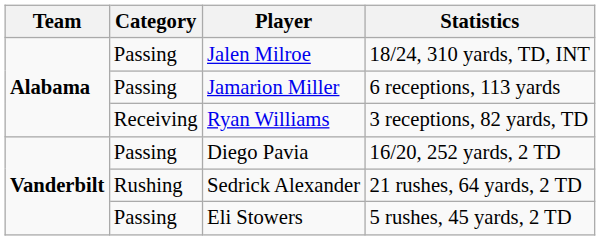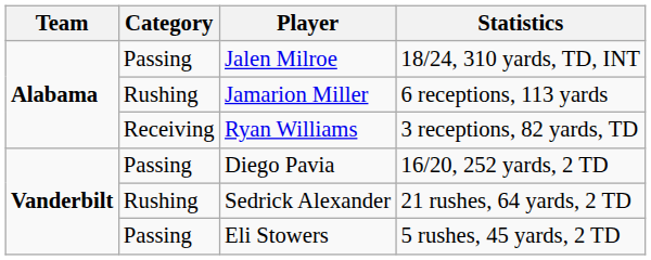 <table class="wikitable" style="float: right;">
 <tr>
 <th>Team</th>
 <th>Category</th>
 <th>Player</th>
 <th>Statistics</th>
 </tr>
 <tr>
 <td rowspan=3><strong>Alabama</strong></td>
 <td>Passing</td>
 <td><a href='#'>Jalen Milroe</a></td>
 <td>18/24, 310 yards, TD, INT</td>
 </tr>
 <tr>
-<td>Passing</td>
+<td>Rushing</td>
 <td><a href='#'>Jamarion Miller</a></td>
 <td>6 receptions, 113 yards</td>
 </tr>
 <tr>
 <td>Receiving</td>
 <td><a href='#'>Ryan Williams</a></td>
 <td>3 receptions, 82 yards, TD</td>
 </tr>
 <tr>
 <td rowspan=3><strong>Vanderbilt</strong></td>
 <td>Passing</td>
 <td>Diego Pavia</td>
 <td>16/20, 252 yards, 2 TD</td>
 </tr>
 <tr>
 <td>Rushing</td>
 <td>Sedrick Alexander</td>
 <td>21 rushes, 64 yards, 2 TD</td>
 </tr>
 <tr>
 <td>Passing</td>
 <td>Eli Stowers</td>
 <td>5 rushes, 45 yards, 2 TD</td>
 </tr>
 </table>
